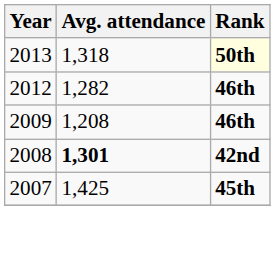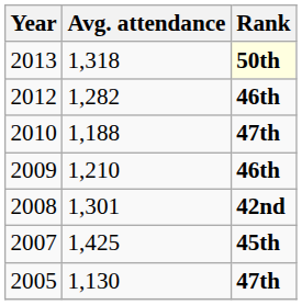 <table class="wikitable">
 <tr>
 <th>Year</th>
 <th>Avg. attendance</th>
 <th>Rank</th>
 </tr>
 <tr>
 <td>2013</td>
 <td>1,318</td>
 <td style="background: lightyellow;"><strong>50th</strong></td>
 </tr>
 <tr>
 <td>2012</td>
 <td>1,282</td>
 <td><strong>46th</strong></td>
 </tr>
 <tr>
+<td>2010</td>
+<td>1,188</td>
+<td><strong>47th</strong></td>
+</tr>
+<tr>
 <td>2009</td>
-<td>1,208</td>
+<td>1,210</td>
 <td><strong>46th</strong></td>
 </tr>
 <tr>
 <td>2008</td>
-<td><strong>1,301</strong></td>
+<td>1,301</td>
 <td><strong>42nd</strong></td>
 </tr>
 <tr>
 <td>2007</td>
 <td>1,425</td>
 <td><strong>45th</strong></td>
 </tr>
 <tr>
+<td>2005</td>
+<td>1,130</td>
+<td><strong>47th</strong></td>
+</tr>
+<tr>
 </tr>
 </table>
